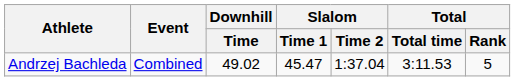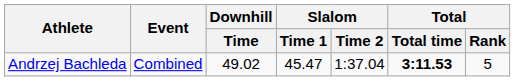 <table class="wikitable" style="font-size:90%">
 <tr>
 <th rowspan="2">Athlete</th>
 <th rowspan="2">Event</th>
 <th>Downhill</th>
 <th colspan="2">Slalom</th>
 <th colspan="2">Total</th>
 </tr>
 <tr>
 <th>Time</th>
 <th>Time 1</th>
 <th>Time 2</th>
 <th>Total time</th>
 <th>Rank</th>
 </tr>
 <tr>
 <td><a href='#'>Andrzej Bachleda</a></td>
 <td><a href='#'>Combined</a></td>
 <td align="center">49.02</td>
 <td align="center">45.47</td>
 <td align="center">1:37.04</td>
-<td align="center">3:11.53</td>
+<td align="center"><strong>3:11.53</strong></td>
 <td align="center">5</td>
 </tr>
 </table>
